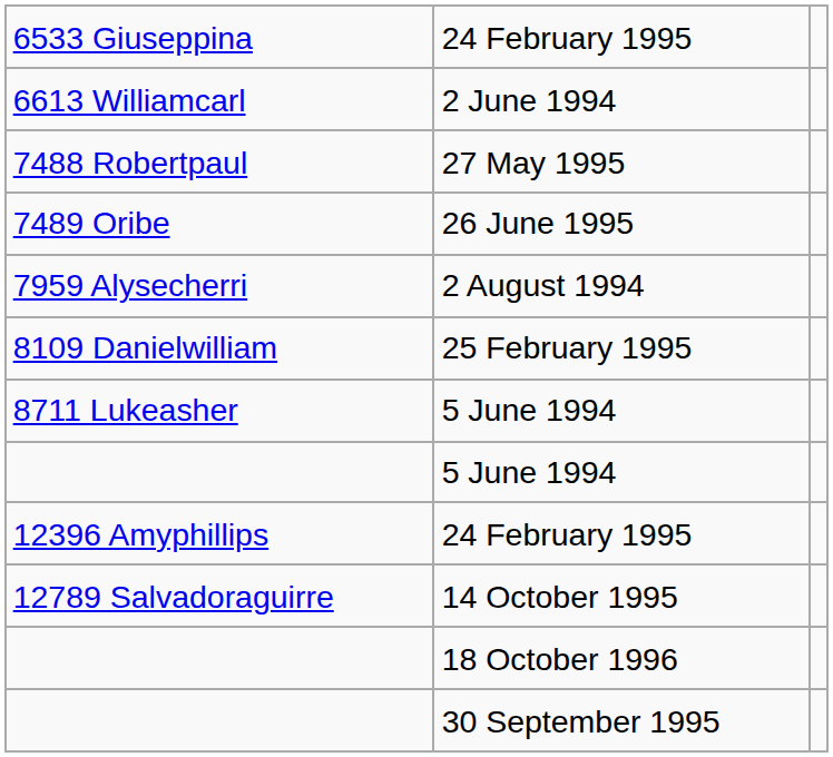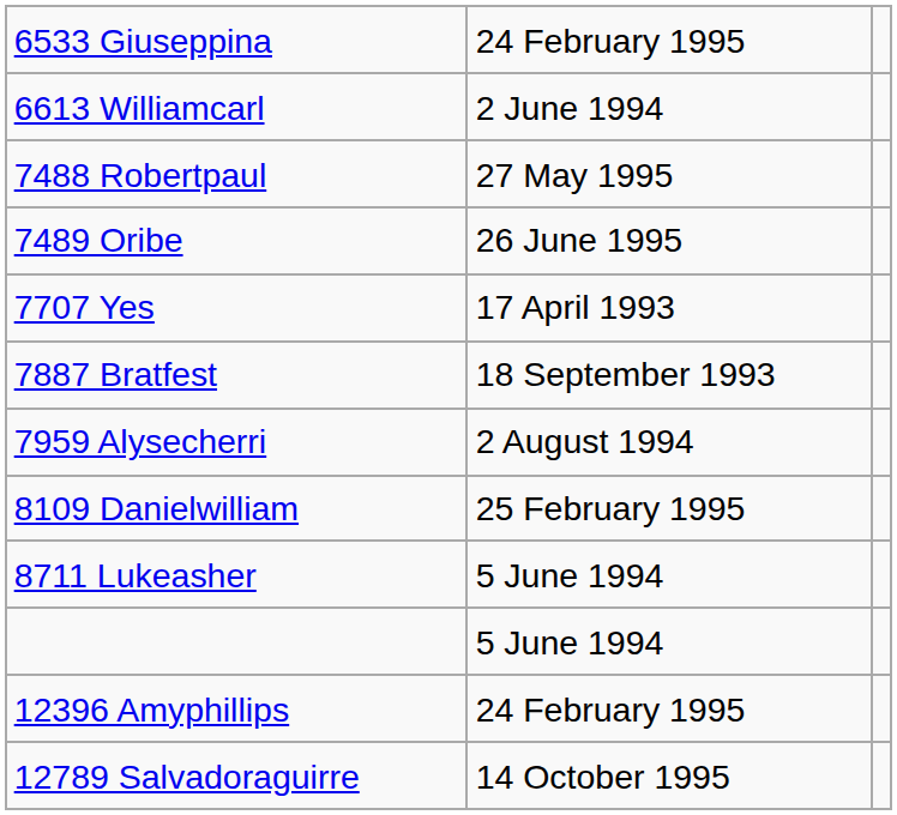 <table class="wikitable" style="font-size: 89%; float: left; width: 26em; margin-right: 1em; height: 336px;">
 <tr>
 <td><a href='#'>6533 Giuseppina</a></td>
 <td>24 February 1995</td>
 <td></td>
 </tr>
 <tr>
 <td><a href='#'>6613 Williamcarl</a></td>
 <td>2 June 1994</td>
 <td></td>
 </tr>
 <tr>
 <td><a href='#'>7488 Robertpaul</a></td>
 <td>27 May 1995</td>
 <td></td>
 </tr>
 <tr>
 <td><a href='#'>7489 Oribe</a></td>
 <td>26 June 1995</td>
+<td></td>
+</tr>
+<tr>
+<td><a href='#'>7707 Yes</a></td>
+<td>17 April 1993</td>
+<td></td>
+</tr>
+<tr>
+<td><a href='#'>7887 Bratfest</a></td>
+<td>18 September 1993</td>
 <td></td>
 </tr>
 <tr>
 <td><a href='#'>7959 Alysecherri</a></td>
 <td>2 August 1994</td>
 <td></td>
 </tr>
 <tr>
 <td><a href='#'>8109 Danielwilliam</a></td>
 <td>25 February 1995</td>
 <td></td>
 </tr>
 <tr>
 <td><a href='#'>8711 Lukeasher</a></td>
 <td>5 June 1994</td>
 <td></td>
 </tr>
 <tr>
 <td></td>
 <td>5 June 1994</td>
 <td></td>
 </tr>
 <tr>
 <td><a href='#'>12396 Amyphillips</a></td>
 <td>24 February 1995</td>
 <td></td>
 </tr>
 <tr>
 <td><a href='#'>12789 Salvadoraguirre</a></td>
 <td>14 October 1995</td>
 <td></td>
 </tr>
-<tr>
-<td></td>
-<td>18 October 1996</td>
-<td></td>
-</tr>
-<tr>
-<td></td>
-<td>30 September 1995</td>
-<td></td>
-</tr>
 </table>
